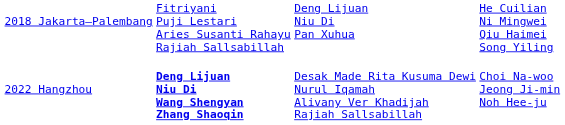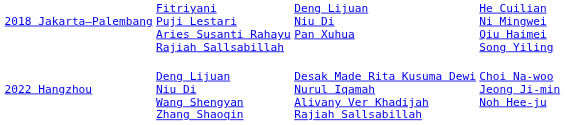 <table>
 <tr>
 <td><a href='#'>2018 Jakarta–Palembang</a></td>
 <td><br><a href='#'>Fitriyani</a><br><a href='#'>Puji Lestari</a><br><a href='#'>Aries Susanti Rahayu</a><br><a href='#'>Rajiah Sallsabillah</a></td>
 <td valign=top><br><a href='#'>Deng Lijuan</a><br><a href='#'>Niu Di</a><br><a href='#'>Pan Xuhua</a></td>
 <td><br><a href='#'>He Cuilian</a><br><a href='#'>Ni Mingwei</a><br><a href='#'>Qiu Haimei</a><br><a href='#'>Song Yiling</a></td>
 </tr>
 <tr>
 <td><a href='#'>2022 Hangzhou</a></td>
-<td><strong><br><a href='#'>Deng Lijuan</a><br><a href='#'>Niu Di</a><br><a href='#'>Wang Shengyan</a><br><a href='#'>Zhang Shaoqin</a></strong></td>
+<td><br><a href='#'>Deng Lijuan</a><br><a href='#'>Niu Di</a><br><a href='#'>Wang Shengyan</a><br><a href='#'>Zhang Shaoqin</a></td>
 <td><br><a href='#'>Desak Made Rita Kusuma Dewi</a><br><a href='#'>Nurul Iqamah</a><br><a href='#'>Alivany Ver Khadijah</a><br><a href='#'>Rajiah Sallsabillah</a></td>
 <td valign=top><br><a href='#'>Choi Na-woo</a><br><a href='#'>Jeong Ji-min</a><br><a href='#'>Noh Hee-ju</a></td>
 </tr>
 </table>
